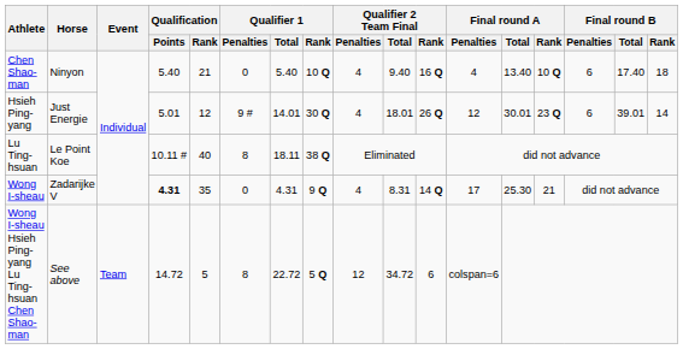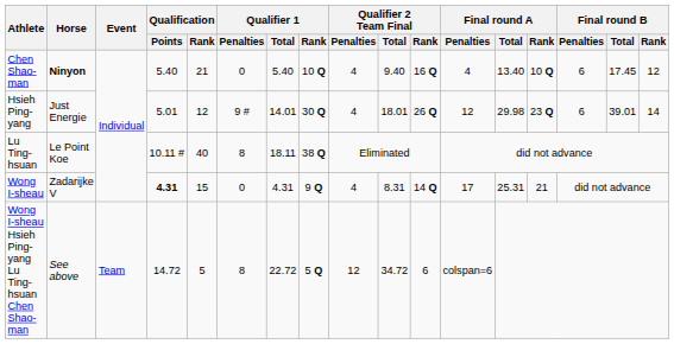 <table class=wikitable style=font-size:90%;text-align:center>
 <tr>
 <th rowspan=2>Athlete</th>
 <th rowspan=2>Horse</th>
 <th rowspan=2>Event</th>
 <th colspan=2>Qualification</th>
 <th colspan=3>Qualifier 1</th>
 <th colspan=3>Qualifier 2<br>Team Final</th>
 <th colspan=3>Final round A</th>
 <th colspan=3>Final round B</th>
 </tr>
 <tr style="font-size:95%">
 <th>Points</th>
 <th>Rank</th>
 <th>Penalties</th>
 <th>Total</th>
 <th>Rank</th>
 <th>Penalties</th>
 <th>Total</th>
 <th>Rank</th>
 <th>Penalties</th>
 <th>Total</th>
 <th>Rank</th>
 <th>Penalties</th>
 <th>Total</th>
 <th>Rank</th>
 </tr>
 <tr>
 <td align=left><a href='#'>Chen Shao-man</a></td>
-<td align=left>Ninyon</td>
+<td align=left><strong>Ninyon</strong></td>
 <td align=left rowspan=4><a href='#'>Individual</a></td>
 <td>5.40</td>
 <td>21</td>
 <td>0</td>
 <td>5.40</td>
 <td>10 <strong>Q</strong></td>
 <td>4</td>
 <td>9.40</td>
 <td>16 <strong>Q</strong></td>
 <td>4</td>
 <td>13.40</td>
 <td>10 <strong>Q</strong></td>
 <td>6</td>
-<td>17.40</td>
-<td>18</td>
+<td>17.45</td>
+<td>12</td>
 </tr>
 <tr>
 <td align=left>Hsieh Ping-yang</td>
 <td align=left>Just Energie</td>
 <td>5.01</td>
 <td>12</td>
 <td>9 #</td>
 <td>14.01</td>
 <td>30 <strong>Q</strong></td>
 <td>4</td>
 <td>18.01</td>
 <td>26 <strong>Q</strong></td>
 <td>12</td>
-<td>30.01</td>
+<td>29.98</td>
 <td>23 <strong>Q</strong></td>
 <td>6</td>
 <td>39.01</td>
 <td>14</td>
 </tr>
 <tr>
 <td align=left>Lu Ting-hsuan</td>
 <td align=left>Le Point Koe</td>
 <td>10.11 #</td>
 <td>40</td>
 <td>8</td>
 <td>18.11</td>
 <td>38 <strong>Q</strong></td>
 <td colspan=3>Eliminated</td>
 <td colspan=6>did not advance</td>
 </tr>
 <tr>
 <td align=left><a href='#'>Wong I-sheau</a></td>
 <td align=left>Zadarijke V</td>
 <td><strong>4.31</strong></td>
-<td>35</td>
+<td>15</td>
 <td>0</td>
 <td>4.31</td>
 <td>9 <strong>Q</strong></td>
 <td>4</td>
 <td>8.31</td>
 <td>14 <strong>Q</strong></td>
 <td>17</td>
-<td>25.30</td>
+<td>25.31</td>
 <td>21</td>
 <td colspan=3>did not advance</td>
 </tr>
 <tr>
 <td align=left><a href='#'>Wong I-sheau</a><br>Hsieh Ping-yang<br>Lu Ting-hsuan<br><a href='#'>Chen Shao-man</a></td>
 <td align=left><em>See above</em></td>
 <td align=left><a href='#'>Team</a></td>
 <td>14.72</td>
 <td>5</td>
 <td>8</td>
 <td>22.72</td>
 <td>5 <strong>Q</strong></td>
 <td>12</td>
 <td>34.72</td>
 <td>6</td>
 <td>colspan=6 </td>
 </tr>
 </table>
